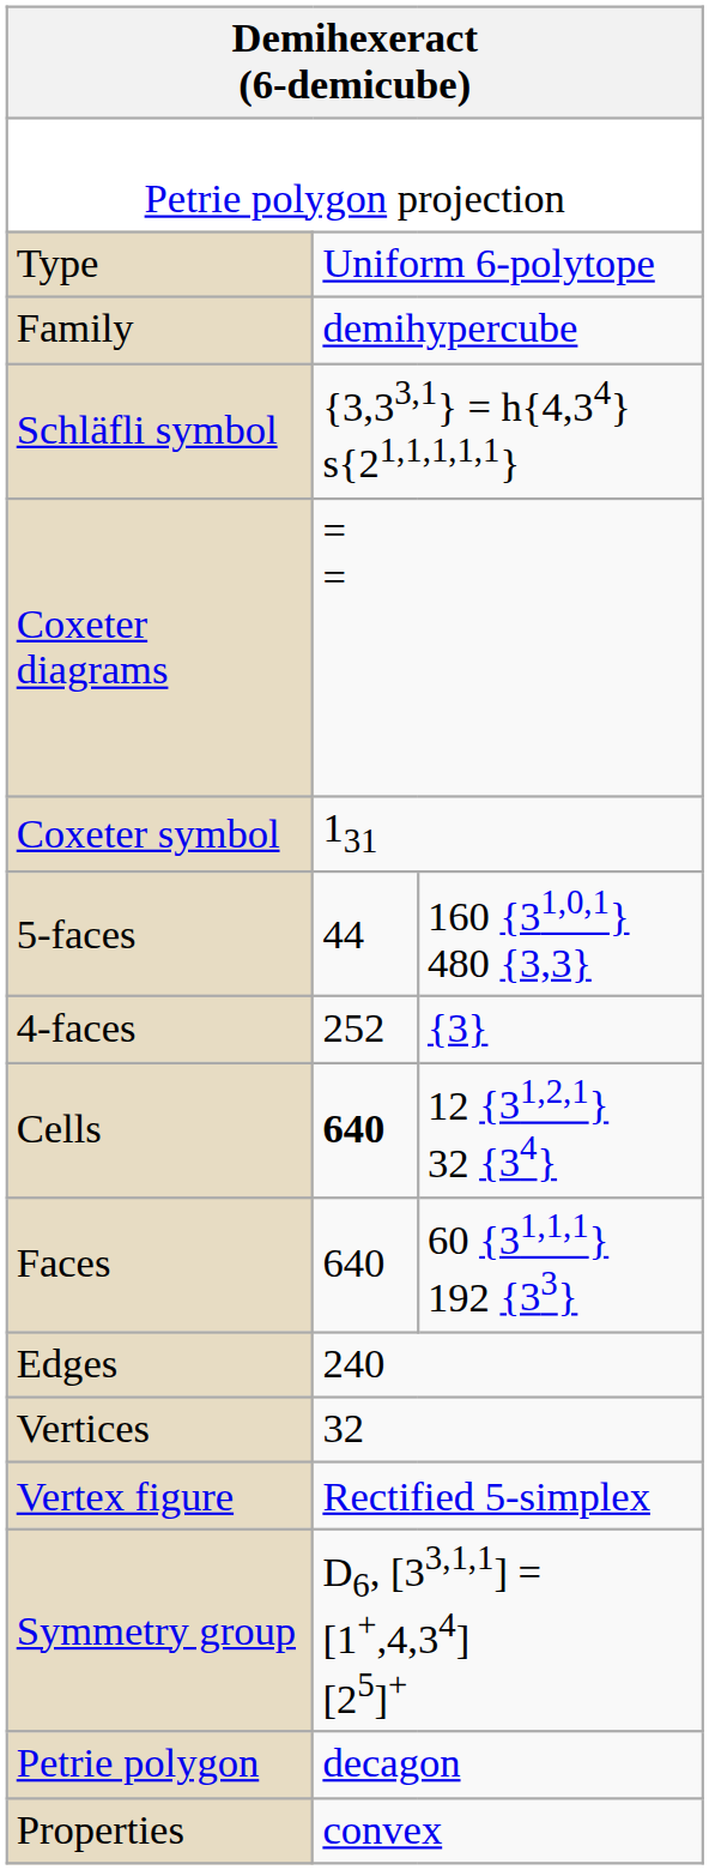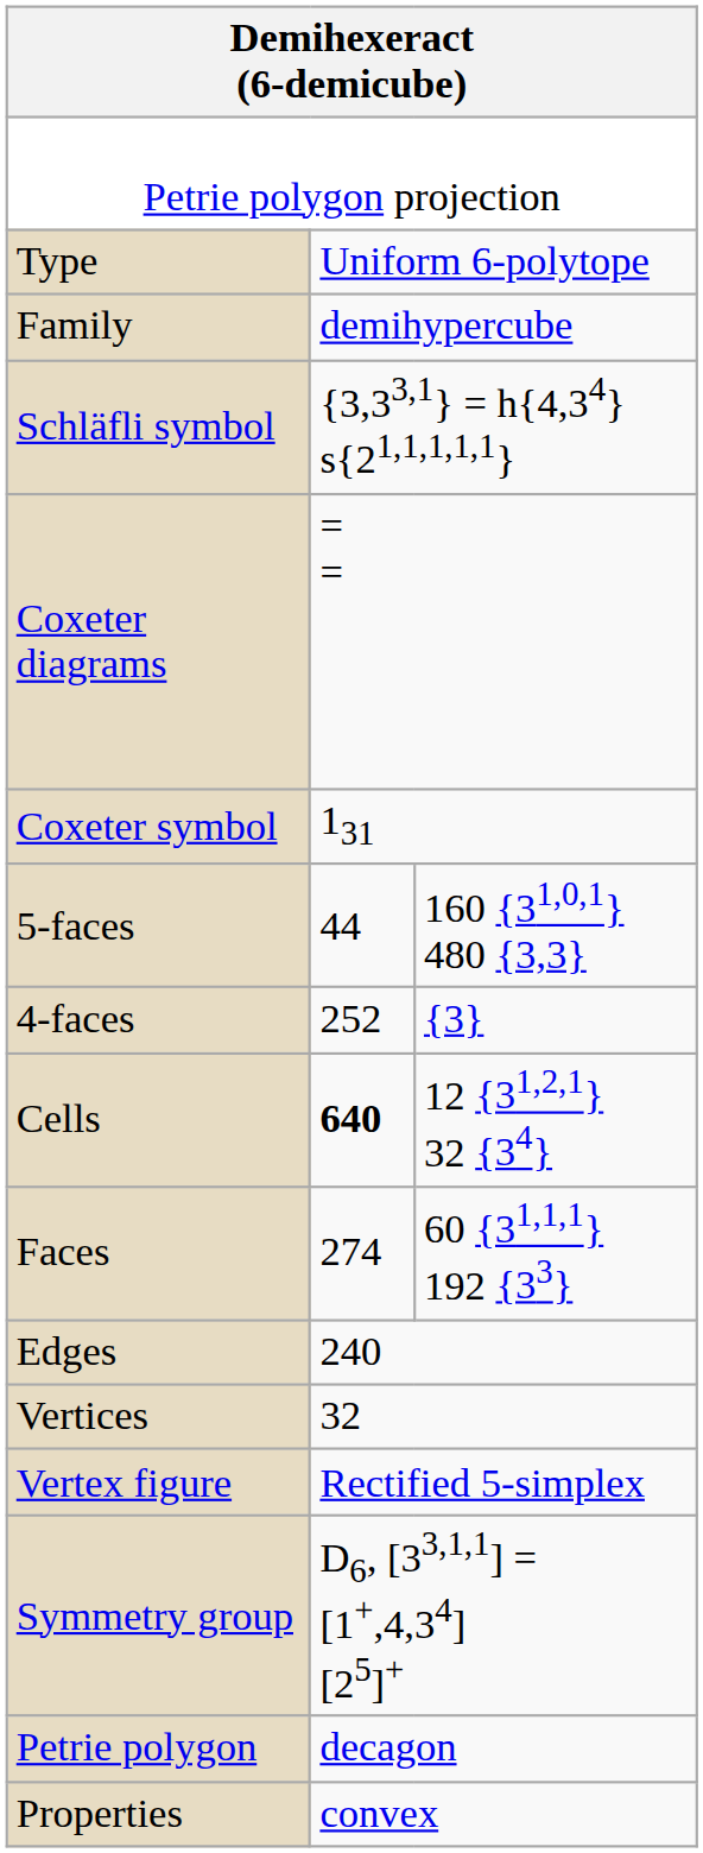 <table class="wikitable" align="right" style="margin-left:10px" width="270">
 <tr>
 <th bgcolor=#e7dcc3 colspan=3>Demihexeract<br>(6-demicube)</th>
 </tr>
 <tr>
 <td bgcolor=#ffffff align=center colspan=3><br><a href='#'>Petrie polygon</a> projection</td>
 </tr>
 <tr>
 <td bgcolor=#e7dcc3>Type</td>
 <td colspan=2><a href='#'>Uniform 6-polytope</a></td>
 </tr>
 <tr>
 <td bgcolor=#e7dcc3>Family</td>
 <td colspan=2><a href='#'>demihypercube</a></td>
 </tr>
 <tr>
 <td bgcolor=#e7dcc3><a href='#'>Schläfli symbol</a></td>
 <td colspan=2>{3,3<sup>3,1</sup>} = h{4,3<sup>4</sup>}<br>s{2<sup>1,1,1,1,1</sup>}</td>
 </tr>
 <tr>
 <td bgcolor=#e7dcc3><a href='#'>Coxeter diagrams</a></td>
 <td colspan=2> = <br> = <br><br> <br> <br> <br> </td>
 </tr>
 <tr>
 <td bgcolor=#e7dcc3><a href='#'>Coxeter symbol</a></td>
 <td colspan=2>1<sub>31</sub></td>
 </tr>
 <tr>
 <td bgcolor=#e7dcc3>5-faces</td>
 <td>44</td>
 <td>160 <a href='#'>{3<sup>1,0,1</sup>}</a><br>480 <a href='#'>{3,3}</a></td>
 </tr>
 <tr>
 <td bgcolor=#e7dcc3>4-faces</td>
 <td>252</td>
 <td><a href='#'>{3}</a></td>
 </tr>
 <tr>
 <td bgcolor=#e7dcc3>Cells</td>
 <td><strong>640</strong></td>
 <td>12 <a href='#'>{3<sup>1,2,1</sup>}</a><br>32 <a href='#'>{3<sup>4</sup>}</a></td>
 </tr>
 <tr>
 <td bgcolor=#e7dcc3>Faces</td>
-<td>640</td>
+<td>274</td>
 <td>60 <a href='#'>{3<sup>1,1,1</sup>}</a><br>192 <a href='#'>{3<sup>3</sup>}</a></td>
 </tr>
 <tr>
 <td bgcolor=#e7dcc3>Edges</td>
 <td colspan=2>240</td>
 </tr>
 <tr>
 <td bgcolor=#e7dcc3>Vertices</td>
 <td colspan=2>32</td>
 </tr>
 <tr>
 <td bgcolor=#e7dcc3><a href='#'>Vertex figure</a></td>
 <td colspan=2><a href='#'>Rectified 5-simplex</a><br></td>
 </tr>
 <tr>
 <td bgcolor=#e7dcc3><a href='#'>Symmetry group</a></td>
 <td colspan=2>D<sub>6</sub>, [3<sup>3,1,1</sup>] = [1<sup>+</sup>,4,3<sup>4</sup>]<br>[2<sup>5</sup>]<sup>+</sup></td>
 </tr>
 <tr>
 <td bgcolor=#e7dcc3><a href='#'>Petrie polygon</a></td>
 <td colspan=2><a href='#'>decagon</a></td>
 </tr>
 <tr>
 <td bgcolor=#e7dcc3>Properties</td>
 <td colspan=2><a href='#'>convex</a></td>
 </tr>
 </table>
